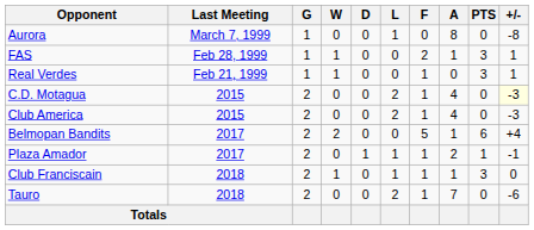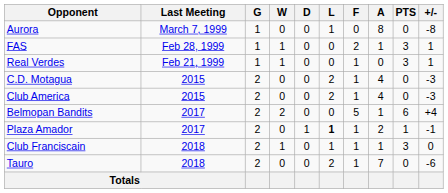 <table class="wikitable">
 <tr>
 <th width="200">Opponent</th>
 <th width="150">Last Meeting</th>
 <th width="30">G</th>
 <th width="30">W</th>
 <th width="30">D</th>
 <th width="30">L</th>
 <th width="30">F</th>
 <th width="30">A</th>
 <th width="30">PTS</th>
 <th width="30">+/-</th>
 </tr>
 <tr>
 <td> <a href='#'>Aurora</a></td>
 <td align="center"><a href='#'>March 7, 1999</a></td>
 <td align="center">1</td>
 <td align="center">0</td>
 <td align="center">0</td>
 <td align="center">1</td>
 <td align="center">0</td>
 <td align="center">8</td>
 <td align="center">0</td>
 <td align="center">-8</td>
 </tr>
 <tr>
 <td> <a href='#'>FAS</a></td>
 <td align="center"><a href='#'>Feb 28, 1999</a></td>
 <td align="center">1</td>
 <td align="center">1</td>
 <td align="center">0</td>
 <td align="center">0</td>
 <td align="center">2</td>
 <td align="center">1</td>
 <td align="center">3</td>
 <td align="center">1</td>
 </tr>
 <tr>
 <td> <a href='#'>Real Verdes</a></td>
 <td align="center"><a href='#'>Feb 21, 1999</a></td>
 <td align="center">1</td>
 <td align="center">1</td>
 <td align="center">0</td>
 <td align="center">0</td>
 <td align="center">1</td>
 <td align="center">0</td>
 <td align="center">3</td>
 <td align="center">1</td>
 </tr>
 <tr>
 <td> <a href='#'>C.D. Motagua</a></td>
 <td align="center"><a href='#'>2015</a></td>
 <td align="center">2</td>
 <td align="center">0</td>
 <td align="center">0</td>
 <td align="center">2</td>
 <td align="center">1</td>
 <td align="center">4</td>
 <td align="center">0</td>
-<td align="center" style="background: lightyellow;">-3</td>
+<td align="center">-3</td>
 </tr>
 <tr>
 <td> <a href='#'>Club America</a></td>
 <td align="center"><a href='#'>2015</a></td>
 <td align="center">2</td>
 <td align="center">0</td>
 <td align="center">0</td>
 <td align="center">2</td>
 <td align="center">1</td>
 <td align="center">4</td>
 <td align="center">0</td>
 <td align="center">-3</td>
 </tr>
 <tr>
 <td> <a href='#'>Belmopan Bandits</a></td>
 <td align="center"><a href='#'>2017</a></td>
 <td align="center">2</td>
 <td align="center">2</td>
 <td align="center">0</td>
 <td align="center">0</td>
 <td align="center">5</td>
 <td align="center">1</td>
 <td align="center">6</td>
 <td align="center">+4</td>
 </tr>
 <tr>
 <td> <a href='#'>Plaza Amador</a></td>
 <td align="center"><a href='#'>2017</a></td>
 <td align="center">2</td>
 <td align="center">0</td>
 <td align="center">1</td>
-<td align="center">1</td>
+<td align="center"><strong>1</strong></td>
 <td align="center">1</td>
 <td align="center">2</td>
 <td align="center">1</td>
 <td align="center">-1</td>
 </tr>
 <tr>
 <td> <a href='#'>Club Franciscain</a></td>
 <td align="center"><a href='#'>2018</a></td>
 <td align="center">2</td>
 <td align="center">1</td>
 <td align="center">0</td>
 <td align="center">1</td>
 <td align="center">1</td>
 <td align="center">1</td>
 <td align="center">3</td>
 <td align="center">0</td>
 </tr>
 <tr>
 <td> <a href='#'>Tauro</a></td>
 <td align="center"><a href='#'>2018</a></td>
 <td align="center">2</td>
 <td align="center">0</td>
 <td align="center">0</td>
 <td align="center">2</td>
 <td align="center">1</td>
 <td align="center">7</td>
 <td align="center">0</td>
 <td align="center">-6</td>
 </tr>
 <tr>
 <th colspan="2">Totals</th>
 <th></th>
 <th></th>
 <th></th>
 <th></th>
 <th></th>
 <th></th>
 <th></th>
 <th></th>
 </tr>
 </table>
